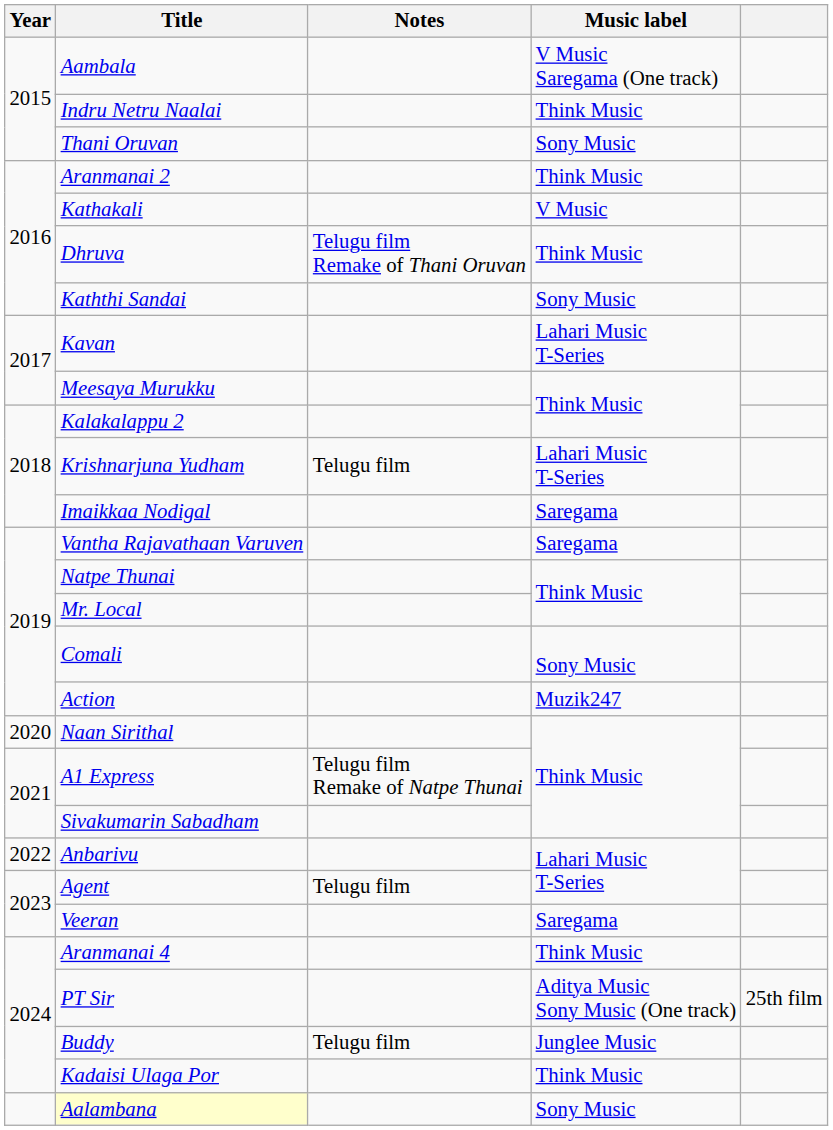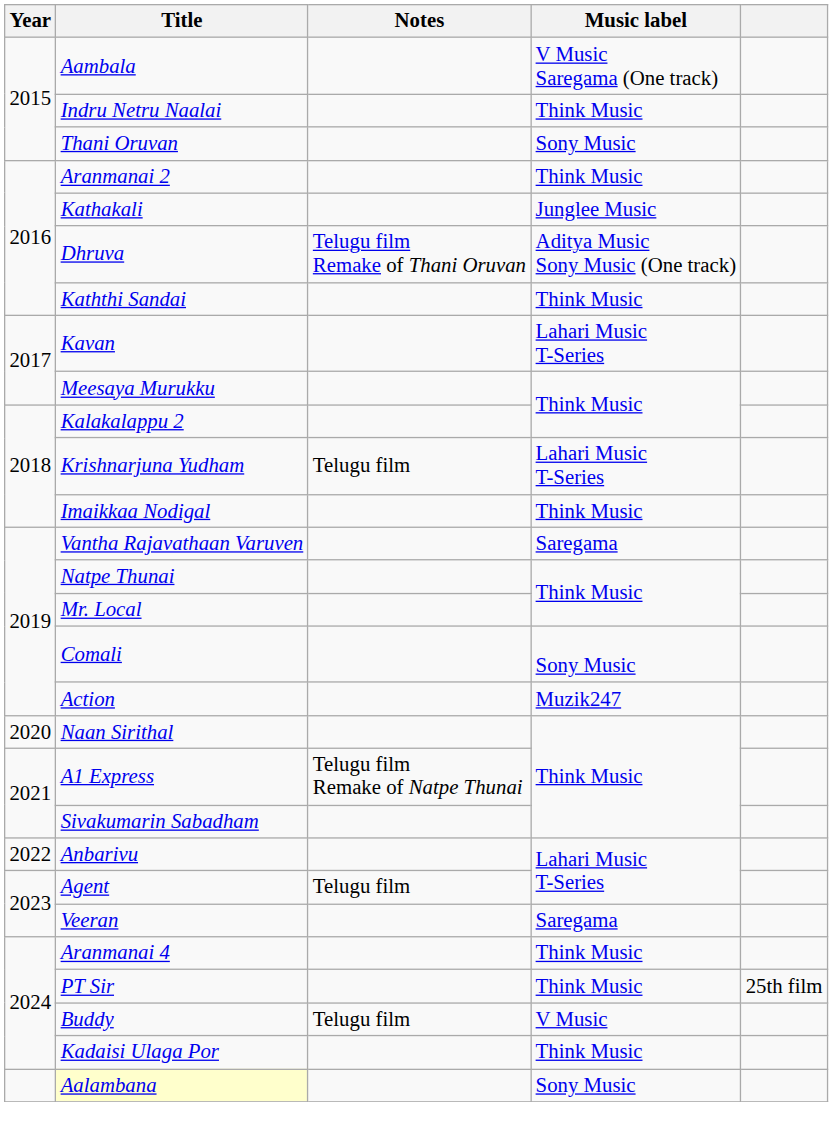 <table class="wikitable sortable" style=>
 <tr>
 <th>Year</th>
 <th>Title</th>
 <th>Notes</th>
 <th>Music label</th>
 <th></th>
 </tr>
 <tr>
 <td rowspan=3>2015</td>
 <td><em><a href='#'>Aambala</a></em></td>
 <td></td>
 <td><a href='#'>V Music</a><br><a href='#'>Saregama</a> (One track)</td>
 <td></td>
 </tr>
 <tr>
 <td><em><a href='#'>Indru Netru Naalai</a></em></td>
 <td></td>
 <td><a href='#'>Think Music</a></td>
 <td></td>
 </tr>
 <tr>
 <td><em><a href='#'>Thani Oruvan</a></em></td>
 <td></td>
 <td><a href='#'>Sony Music</a></td>
 <td></td>
 </tr>
 <tr>
 <td rowspan="4">2016</td>
 <td><em><a href='#'>Aranmanai 2</a></em></td>
 <td></td>
 <td><a href='#'>Think Music</a></td>
 <td></td>
 </tr>
 <tr>
 <td><em><a href='#'>Kathakali</a></em></td>
 <td></td>
-<td><a href='#'>V Music</a></td>
+<td><a href='#'>Junglee Music</a></td>
 <td></td>
 </tr>
 <tr>
 <td><em><a href='#'>Dhruva</a></em></td>
 <td><a href='#'>Telugu film</a><br><a href='#'>Remake</a> of <em>Thani Oruvan</em></td>
-<td><a href='#'>Think Music</a></td>
+<td><a href='#'>Aditya Music</a><br><a href='#'>Sony Music</a> (One track)</td>
 <td></td>
 </tr>
 <tr>
 <td><em><a href='#'>Kaththi Sandai</a></em></td>
 <td></td>
-<td><a href='#'>Sony Music</a></td>
+<td><a href='#'>Think Music</a></td>
 <td></td>
 </tr>
 <tr>
 <td rowspan="2">2017</td>
 <td><em><a href='#'>Kavan</a></em></td>
 <td></td>
 <td><a href='#'>Lahari Music</a><br><a href='#'>T-Series</a></td>
 <td></td>
 </tr>
 <tr>
 <td><em><a href='#'>Meesaya Murukku</a></em></td>
 <td></td>
 <td rowspan="2"><a href='#'>Think Music</a></td>
 <td></td>
 </tr>
 <tr>
 <td rowspan="3">2018</td>
 <td><em><a href='#'>Kalakalappu 2</a></em></td>
 <td></td>
 <td></td>
 </tr>
 <tr>
 <td><em><a href='#'>Krishnarjuna Yudham</a></em></td>
 <td>Telugu film</td>
 <td><a href='#'>Lahari Music</a><br><a href='#'>T-Series</a></td>
 <td></td>
 </tr>
 <tr>
 <td><em><a href='#'>Imaikkaa Nodigal</a></em></td>
 <td></td>
-<td><a href='#'>Saregama</a></td>
+<td><a href='#'>Think Music</a></td>
 <td></td>
 </tr>
 <tr>
 <td rowspan="5">2019</td>
 <td><em><a href='#'>Vantha Rajavathaan Varuven</a></em></td>
 <td></td>
 <td><a href='#'>Saregama</a></td>
 <td></td>
 </tr>
 <tr>
 <td><em><a href='#'>Natpe Thunai</a></em></td>
 <td></td>
 <td rowspan="2"><a href='#'>Think Music</a></td>
 <td></td>
 </tr>
 <tr>
 <td><em><a href='#'>Mr. Local</a></em></td>
 <td></td>
 <td></td>
 </tr>
 <tr>
 <td><em><a href='#'>Comali</a></em></td>
 <td></td>
 <td><br><a href='#'>Sony Music</a></td>
 <td></td>
 </tr>
 <tr>
 <td><em><a href='#'>Action</a></em></td>
 <td></td>
 <td><a href='#'>Muzik247</a></td>
 <td></td>
 </tr>
 <tr>
 <td>2020</td>
 <td><em><a href='#'>Naan Sirithal</a></em></td>
 <td></td>
 <td rowspan="3"><a href='#'>Think Music</a></td>
 <td></td>
 </tr>
 <tr>
 <td rowspan="2">2021</td>
 <td><em><a href='#'>A1 Express</a></em></td>
 <td>Telugu film<br>Remake of <em>Natpe Thunai</em></td>
 <td></td>
 </tr>
 <tr>
 <td><em><a href='#'>Sivakumarin Sabadham</a></em></td>
 <td></td>
 <td></td>
 </tr>
 <tr>
 <td>2022</td>
 <td><em><a href='#'>Anbarivu</a></em></td>
 <td></td>
 <td rowspan="2"><a href='#'>Lahari Music</a><br><a href='#'>T-Series</a></td>
 <td></td>
 </tr>
 <tr>
 <td rowspan="2">2023</td>
 <td><em><a href='#'>Agent</a></em></td>
 <td>Telugu film</td>
 <td></td>
 </tr>
 <tr>
 <td><em><a href='#'>Veeran</a></em></td>
 <td></td>
 <td><a href='#'>Saregama</a></td>
 <td></td>
 </tr>
 <tr>
 <td rowspan="4">2024</td>
 <td><em><a href='#'>Aranmanai 4</a></em></td>
 <td></td>
 <td><a href='#'>Think Music</a></td>
 <td></td>
 </tr>
 <tr>
 <td><em><a href='#'>PT Sir</a></em></td>
 <td></td>
-<td><a href='#'>Aditya Music</a><br><a href='#'>Sony Music</a> (One track)</td>
+<td><a href='#'>Think Music</a></td>
 <td>25th film</td>
 </tr>
 <tr>
 <td><em><a href='#'>Buddy</a></em></td>
 <td>Telugu film</td>
-<td><a href='#'>Junglee Music</a></td>
+<td><a href='#'>V Music</a></td>
 <td></td>
 </tr>
 <tr>
 <td><em><a href='#'>Kadaisi Ulaga Por</a></em></td>
 <td></td>
 <td><a href='#'>Think Music</a></td>
 <td></td>
 </tr>
 <tr>
 <td></td>
 <td style="background:#FFFFCC;"><em><a href='#'>Aalambana</a></em> </td>
 <td></td>
 <td><a href='#'>Sony Music</a></td>
 <td></td>
 </tr>
 </table>
